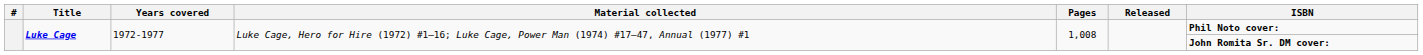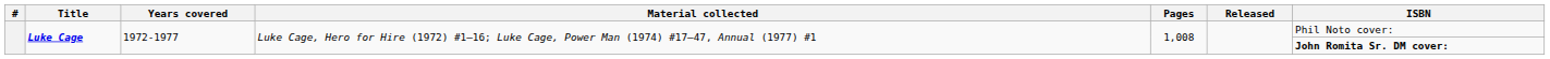 <table class="wikitable sortable" width="99%">
 <tr>
 <th class="unsortable" width="20px">#</th>
 <th>Title</th>
 <th>Years covered</th>
 <th class="unsortable">Material collected</th>
 <th>Pages</th>
 <th>Released</th>
 <th class="unsortable">ISBN</th>
 </tr>
 <tr>
 <th rowspan="2" style="background-color: light grey;"></th>
 <td rowspan="2"><strong><em><a href='#'>Luke Cage</a></em></strong></td>
 <td rowspan="2">1972-1977</td>
 <td rowspan="2"><em>Luke Cage, Hero for Hire</em> (1972) #1–16; <em>Luke Cage, Power Man</em> (1974) #17–47, <em>Annual</em> (1977) #1</td>
 <td rowspan="2" style="text-align: center;">1,008</td>
 <td rowspan="2"></td>
-<td><strong>Phil Noto cover: </strong></td>
+<td>Phil Noto cover: </td>
 </tr>
 <tr>
 <td><strong>John Romita Sr. DM cover: </strong></td>
 </tr>
 </table>
